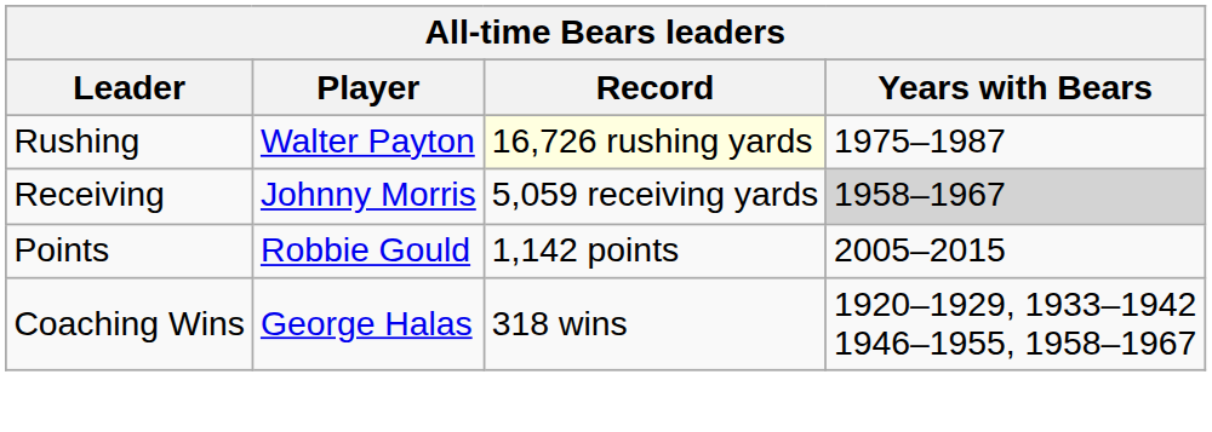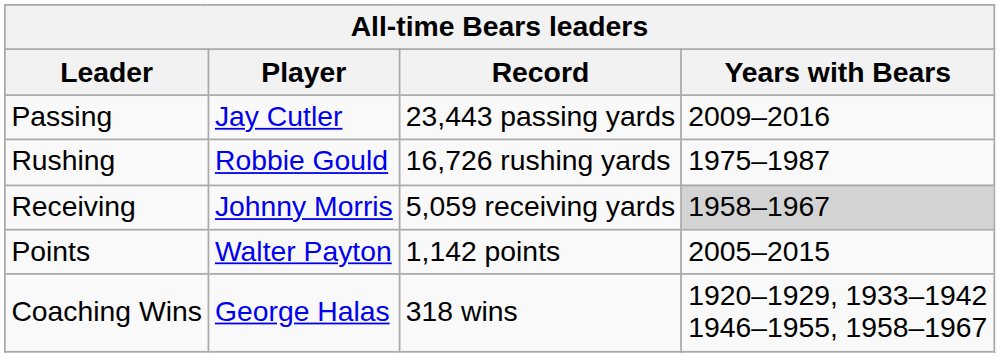 <table class="wikitable" style="margin:left">
 <tr>
 <th colspan="4">All-time Bears leaders</th>
 </tr>
 <tr>
 <th>Leader</th>
 <th>Player</th>
 <th>Record</th>
 <th>Years with Bears</th>
 </tr>
 <tr>
+<td>Passing</td>
+<td><a href='#'>Jay Cutler</a></td>
+<td>23,443 passing yards</td>
+<td>2009–2016</td>
+</tr>
+<tr>
 <td>Rushing</td>
-<td><a href='#'>Walter Payton</a></td>
-<td style="background: lightyellow;">16,726 rushing yards</td>
+<td><a href='#'>Robbie Gould</a></td>
+<td>16,726 rushing yards</td>
 <td>1975–1987</td>
 </tr>
 <tr>
 <td>Receiving</td>
 <td><a href='#'>Johnny Morris</a></td>
 <td>5,059 receiving yards</td>
 <td style="background: lightgrey;">1958–1967</td>
 </tr>
 <tr>
 <td>Points</td>
-<td><a href='#'>Robbie Gould</a></td>
+<td><a href='#'>Walter Payton</a></td>
 <td>1,142 points</td>
 <td>2005–2015</td>
 </tr>
 <tr>
 <td>Coaching Wins</td>
 <td><a href='#'>George Halas</a></td>
 <td>318 wins</td>
 <td>1920–1929, 1933–1942<br>1946–1955, 1958–1967</td>
 </tr>
 </table>
